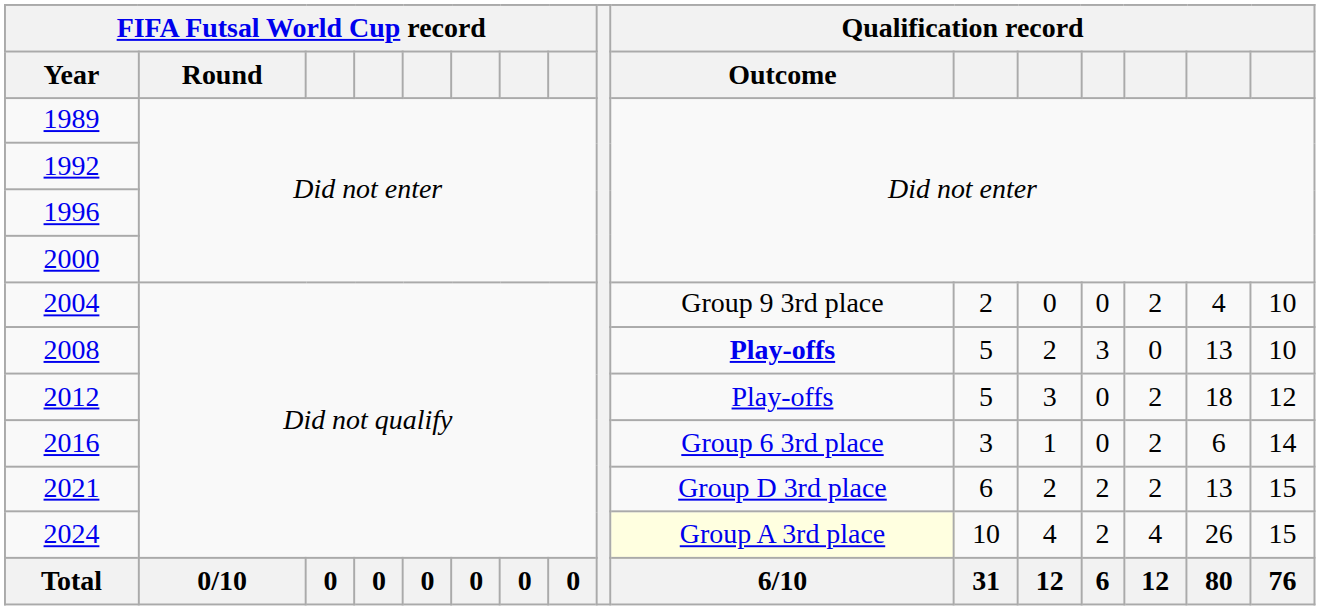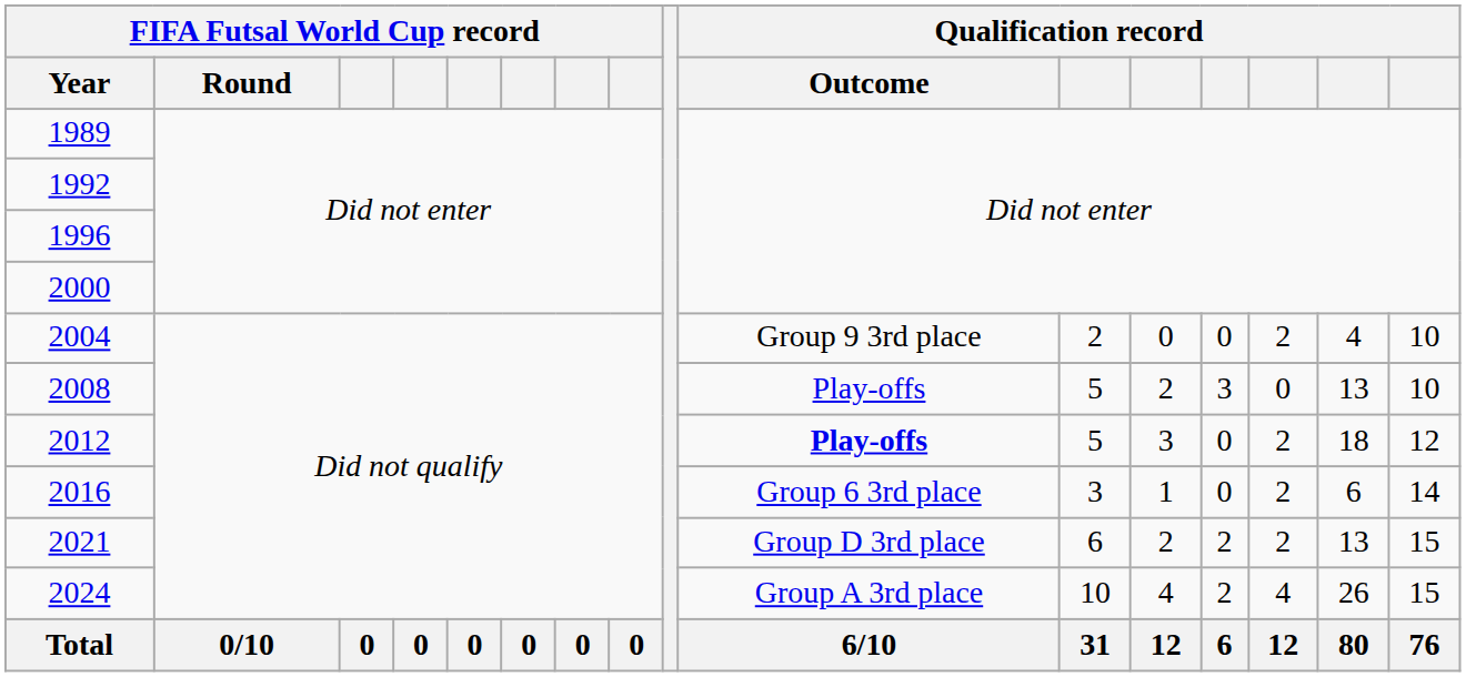 <table class="wikitable" style="text-align: center;font-size:90%;">
 <tr>
 <th colspan=8><a href='#'>FIFA Futsal World Cup</a> record</th>
 <th width=1% rowspan=13></th>
 <th colspan=7>Qualification record</th>
 </tr>
 <tr>
 <th>Year</th>
 <th>Round</th>
 <th></th>
 <th></th>
 <th></th>
 <th></th>
 <th></th>
 <th></th>
 <th>Outcome</th>
 <th></th>
 <th></th>
 <th></th>
 <th></th>
 <th></th>
 <th></th>
 </tr>
 <tr>
 <td> <a href='#'>1989</a></td>
 <td colspan=7 rowspan=4><em>Did not enter</em></td>
 <td colspan=7 rowspan=4><em>Did not enter</em></td>
 </tr>
 <tr - bgcolor=>
 <td> <a href='#'>1992</a></td>
 </tr>
 <tr - bgcolor=>
 <td> <a href='#'>1996</a></td>
 </tr>
 <tr - bgcolor=>
 <td> <a href='#'>2000</a></td>
 </tr>
 <tr - bgcolor=>
 <td> <a href='#'>2004</a></td>
 <td colspan=7 rowspan=6><em>Did not qualify</em></td>
 <td>Group 9 3rd place</td>
 <td>2</td>
 <td>0</td>
 <td>0</td>
 <td>2</td>
 <td>4</td>
 <td>10</td>
 </tr>
 <tr - bgcolor=>
 <td> <a href='#'>2008</a></td>
-<td><strong><a href='#'>Play-offs</a></strong></td>
+<td><a href='#'>Play-offs</a></td>
 <td>5</td>
 <td>2</td>
 <td>3</td>
 <td>0</td>
 <td>13</td>
 <td>10</td>
 </tr>
 <tr - bgcolor=>
 <td> <a href='#'>2012</a></td>
-<td><a href='#'>Play-offs</a></td>
+<td><strong><a href='#'>Play-offs</a></strong></td>
 <td>5</td>
 <td>3</td>
 <td>0</td>
 <td>2</td>
 <td>18</td>
 <td>12</td>
 </tr>
 <tr - bgcolor=>
 <td> <a href='#'>2016</a></td>
 <td><a href='#'>Group 6 3rd place</a></td>
 <td>3</td>
 <td>1</td>
 <td>0</td>
 <td>2</td>
 <td>6</td>
 <td>14</td>
 </tr>
 <tr - bgcolor=>
 <td> <a href='#'>2021</a></td>
 <td><a href='#'>Group D 3rd place</a></td>
 <td>6</td>
 <td>2</td>
 <td>2</td>
 <td>2</td>
 <td>13</td>
 <td>15</td>
 </tr>
 <tr>
 <td> <a href='#'>2024</a></td>
-<td style="background: lightyellow;"><a href='#'>Group A 3rd place</a></td>
+<td><a href='#'>Group A 3rd place</a></td>
 <td>10</td>
 <td>4</td>
 <td>2</td>
 <td>4</td>
 <td>26</td>
 <td>15</td>
 </tr>
 <tr>
 <th><strong>Total</strong></th>
 <th>0/10</th>
 <th>0</th>
 <th>0</th>
 <th>0</th>
 <th>0</th>
 <th>0</th>
 <th>0</th>
 <th>6/10</th>
 <th>31</th>
 <th>12</th>
 <th>6</th>
 <th>12</th>
 <th>80</th>
 <th>76</th>
 </tr>
 </table>
